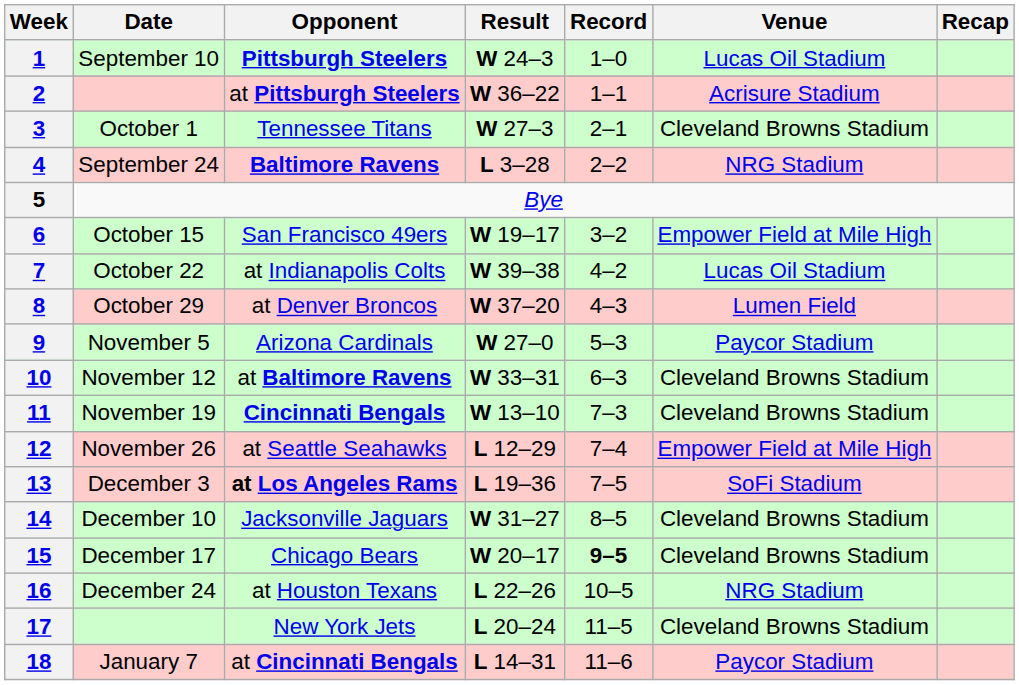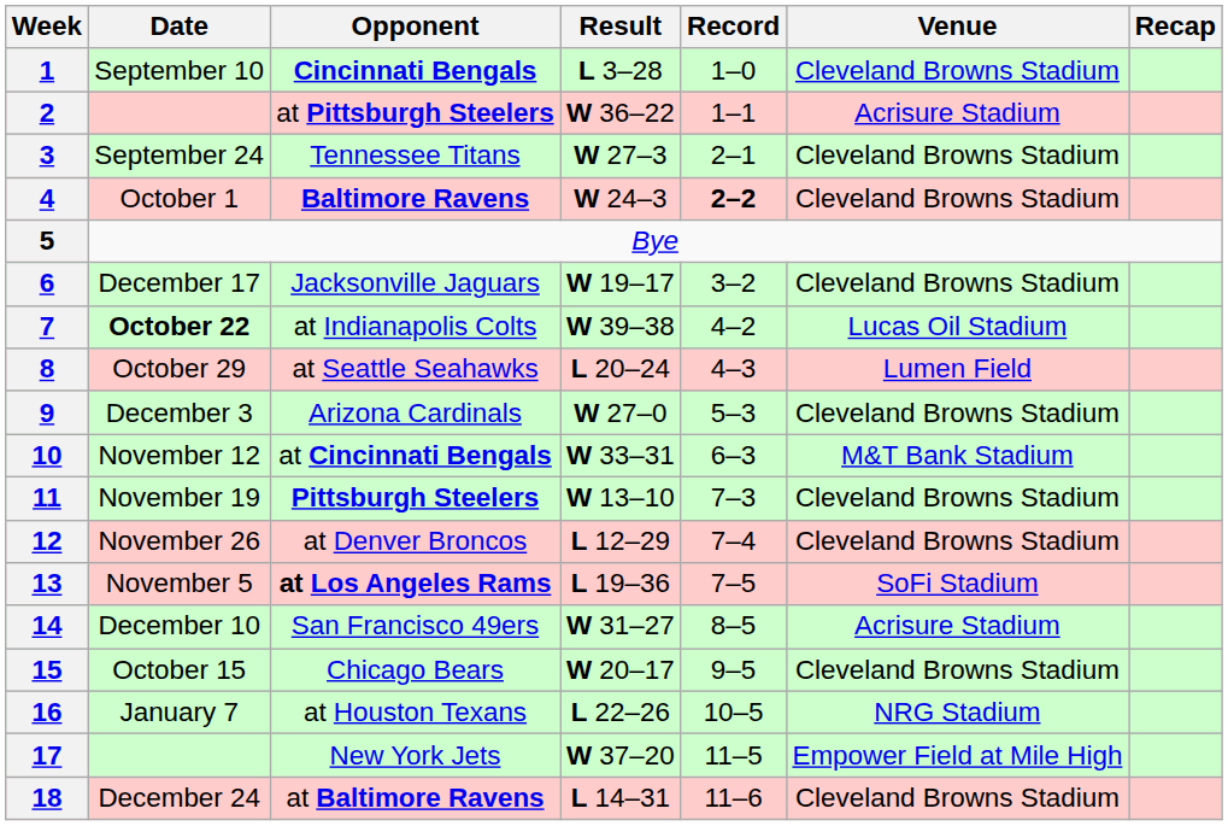 <table class="wikitable" style="text-align:center">
 <tr>
 <th>Week</th>
 <th>Date</th>
 <th>Opponent</th>
 <th>Result</th>
 <th>Record</th>
 <th>Venue</th>
 <th>Recap</th>
 </tr>
 <tr style="background:#cfc">
 <th><a href='#'>1</a></th>
 <td>September 10</td>
-<td><strong><a href='#'>Pittsburgh Steelers</a></strong></td>
-<td><strong>W</strong> 24–3</td>
+<td><strong><a href='#'>Cincinnati Bengals</a></strong></td>
+<td><strong>L</strong> 3–28</td>
 <td>1–0</td>
-<td><a href='#'>Lucas Oil Stadium</a></td>
+<td><a href='#'>Cleveland Browns Stadium</a></td>
 <td></td>
 </tr>
 <tr style="background:#fcc">
 <th><a href='#'>2</a></th>
 <td></td>
 <td>at <strong><a href='#'>Pittsburgh Steelers</a></strong></td>
 <td><strong>W</strong> 36–22</td>
 <td>1–1</td>
 <td><a href='#'>Acrisure Stadium</a></td>
 <td></td>
 </tr>
 <tr style="background:#cfc">
 <th><a href='#'>3</a></th>
-<td>October 1</td>
+<td>September 24</td>
 <td><a href='#'>Tennessee Titans</a></td>
 <td><strong>W</strong> 27–3</td>
 <td>2–1</td>
 <td>Cleveland Browns Stadium</td>
 <td></td>
 </tr>
 <tr style="background:#fcc">
 <th><a href='#'>4</a></th>
-<td>September 24</td>
+<td>October 1</td>
 <td><strong><a href='#'>Baltimore Ravens</a></strong></td>
-<td><strong>L</strong> 3–28</td>
-<td>2–2</td>
-<td><a href='#'>NRG Stadium</a></td>
+<td><strong>W</strong> 24–3</td>
+<td><strong>2–2</strong></td>
+<td>Cleveland Browns Stadium</td>
 <td></td>
 </tr>
 <tr>
 <th>5</th>
 <td colspan="6"><em><a href='#'>Bye</a></em></td>
 </tr>
 <tr style="background:#cfc">
 <th><a href='#'>6</a></th>
-<td>October 15</td>
-<td><a href='#'>San Francisco 49ers</a></td>
+<td>December 17</td>
+<td><a href='#'>Jacksonville Jaguars</a></td>
 <td><strong>W</strong> 19–17</td>
 <td>3–2</td>
-<td><a href='#'>Empower Field at Mile High</a></td>
+<td>Cleveland Browns Stadium</td>
 <td></td>
 </tr>
 <tr style="background:#cfc">
 <th><a href='#'>7</a></th>
-<td>October 22</td>
+<td><strong>October 22</strong></td>
 <td>at <a href='#'>Indianapolis Colts</a></td>
 <td><strong>W</strong> 39–38</td>
 <td>4–2</td>
 <td><a href='#'>Lucas Oil Stadium</a></td>
 <td></td>
 </tr>
 <tr style="background:#fcc">
 <th><a href='#'>8</a></th>
 <td>October 29</td>
-<td>at <a href='#'>Denver Broncos</a></td>
-<td><strong>W</strong> 37–20</td>
+<td>at <a href='#'>Seattle Seahawks</a></td>
+<td><strong>L</strong> 20–24</td>
 <td>4–3</td>
 <td><a href='#'>Lumen Field</a></td>
 <td></td>
 </tr>
 <tr style="background:#cfc">
 <th><a href='#'>9</a></th>
-<td>November 5</td>
+<td>December 3</td>
 <td><a href='#'>Arizona Cardinals</a></td>
 <td><strong>W</strong> 27–0</td>
 <td>5–3</td>
-<td><a href='#'>Paycor Stadium</a></td>
+<td>Cleveland Browns Stadium</td>
 <td></td>
 </tr>
 <tr style="background:#cfc">
 <th><a href='#'>10</a></th>
 <td>November 12</td>
-<td>at <strong><a href='#'>Baltimore Ravens</a></strong></td>
+<td>at <strong><a href='#'>Cincinnati Bengals</a></strong></td>
 <td><strong>W</strong> 33–31</td>
 <td>6–3</td>
-<td>Cleveland Browns Stadium</td>
+<td><a href='#'>M&T Bank Stadium</a></td>
 <td></td>
 </tr>
 <tr style="background:#cfc">
 <th><a href='#'>11</a></th>
 <td>November 19</td>
-<td><strong><a href='#'>Cincinnati Bengals</a></strong></td>
+<td><strong><a href='#'>Pittsburgh Steelers</a></strong></td>
 <td><strong>W</strong> 13–10</td>
 <td>7–3</td>
 <td>Cleveland Browns Stadium</td>
 <td></td>
 </tr>
 <tr style="background:#fcc">
 <th><a href='#'>12</a></th>
 <td>November 26</td>
-<td>at <a href='#'>Seattle Seahawks</a></td>
+<td>at <a href='#'>Denver Broncos</a></td>
 <td><strong>L</strong> 12–29</td>
 <td>7–4</td>
-<td><a href='#'>Empower Field at Mile High</a></td>
+<td>Cleveland Browns Stadium</td>
 <td></td>
 </tr>
 <tr style="background:#fcc">
 <th><a href='#'>13</a></th>
-<td>December 3</td>
+<td>November 5</td>
 <td><strong>at <a href='#'>Los Angeles Rams</a></strong></td>
 <td><strong>L</strong> 19–36</td>
 <td>7–5</td>
 <td><a href='#'>SoFi Stadium</a></td>
 <td></td>
 </tr>
 <tr style="background:#cfc">
 <th><a href='#'>14</a></th>
 <td>December 10</td>
-<td><a href='#'>Jacksonville Jaguars</a></td>
+<td><a href='#'>San Francisco 49ers</a></td>
 <td><strong>W</strong> 31–27</td>
 <td>8–5</td>
-<td>Cleveland Browns Stadium</td>
+<td><a href='#'>Acrisure Stadium</a></td>
 <td></td>
 </tr>
 <tr style="background:#cfc">
 <th><a href='#'>15</a></th>
-<td>December 17</td>
+<td>October 15</td>
 <td><a href='#'>Chicago Bears</a></td>
 <td><strong>W</strong> 20–17</td>
-<td><strong>9–5</strong></td>
+<td>9–5</td>
 <td>Cleveland Browns Stadium</td>
 <td></td>
 </tr>
 <tr style="background:#cfc">
 <th><a href='#'>16</a></th>
-<td>December 24</td>
+<td>January 7</td>
 <td>at <a href='#'>Houston Texans</a></td>
 <td><strong>L</strong> 22–26</td>
 <td>10–5</td>
 <td><a href='#'>NRG Stadium</a></td>
 <td></td>
 </tr>
 <tr style="background:#cfc">
 <th><a href='#'>17</a></th>
 <td></td>
 <td><a href='#'>New York Jets</a></td>
-<td><strong>L</strong> 20–24</td>
+<td><strong>W</strong> 37–20</td>
 <td>11–5</td>
-<td>Cleveland Browns Stadium</td>
+<td><a href='#'>Empower Field at Mile High</a></td>
 <td></td>
 </tr>
 <tr style="background:#fcc">
 <th><a href='#'>18</a></th>
-<td>January 7</td>
-<td>at <strong><a href='#'>Cincinnati Bengals</a></strong></td>
+<td>December 24</td>
+<td>at <strong><a href='#'>Baltimore Ravens</a></strong></td>
 <td><strong>L</strong> 14–31</td>
 <td>11–6</td>
-<td><a href='#'>Paycor Stadium</a></td>
+<td>Cleveland Browns Stadium</td>
 <td></td>
 </tr>
 </table>
